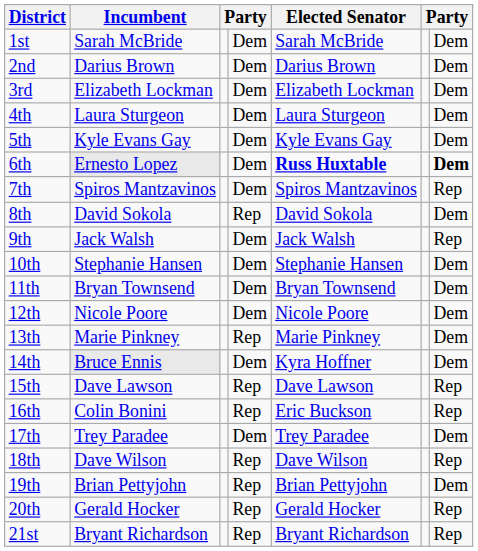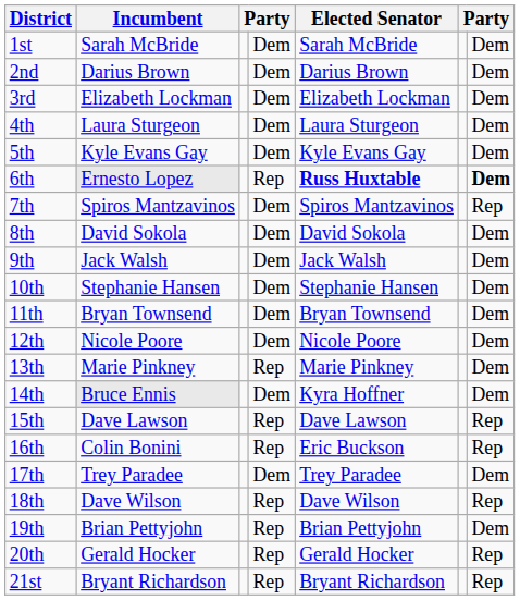 <table class="sortable wikitable" style="font-size:95%;line-height:14px;">
 <tr>
 <th class="unsortable"><a href='#'>District</a></th>
 <th class="unsortable"><a href='#'>Incumbent</a></th>
 <th colspan="2">Party</th>
 <th class="unsortable">Elected Senator</th>
 <th colspan="2">Party</th>
 </tr>
 <tr>
 <td><a href='#'>1st</a></td>
 <td><a href='#'>Sarah McBride</a></td>
 <td style="background:"></td>
 <td>Dem</td>
 <td><a href='#'>Sarah McBride</a></td>
 <td style="background:"></td>
 <td>Dem</td>
 </tr>
 <tr>
 <td><a href='#'>2nd</a></td>
 <td><a href='#'>Darius Brown</a></td>
 <td style="background:"></td>
 <td>Dem</td>
 <td><a href='#'>Darius Brown</a></td>
 <td style="background:"></td>
 <td>Dem</td>
 </tr>
 <tr>
 <td><a href='#'>3rd</a></td>
 <td><a href='#'>Elizabeth Lockman</a></td>
 <td style="background:"></td>
 <td>Dem</td>
 <td><a href='#'>Elizabeth Lockman</a></td>
 <td style="background:"></td>
 <td>Dem</td>
 </tr>
 <tr>
 <td><a href='#'>4th</a></td>
 <td><a href='#'>Laura Sturgeon</a></td>
 <td style="background:"></td>
 <td>Dem</td>
 <td><a href='#'>Laura Sturgeon</a></td>
 <td style="background:"></td>
 <td>Dem</td>
 </tr>
 <tr>
 <td><a href='#'>5th</a></td>
 <td><a href='#'>Kyle Evans Gay</a></td>
 <td style="background:"></td>
 <td>Dem</td>
 <td><a href='#'>Kyle Evans Gay</a></td>
 <td style="background:"></td>
 <td>Dem</td>
 </tr>
 <tr>
 <td><a href='#'>6th</a></td>
 <td style="background:#E9E9E9;"><a href='#'>Ernesto Lopez</a></td>
 <td style="background:"></td>
-<td>Dem</td>
+<td>Rep</td>
 <td><strong><a href='#'>Russ Huxtable</a></strong></td>
 <td style="background:"></td>
 <td><strong>Dem</strong></td>
 </tr>
 <tr>
 <td><a href='#'>7th</a></td>
 <td><a href='#'>Spiros Mantzavinos</a></td>
 <td style="background:"></td>
 <td>Dem</td>
 <td><a href='#'>Spiros Mantzavinos</a></td>
 <td style="background:"></td>
 <td>Rep</td>
 </tr>
 <tr>
 <td><a href='#'>8th</a></td>
 <td><a href='#'>David Sokola</a></td>
 <td style="background:"></td>
-<td>Rep</td>
+<td>Dem</td>
 <td><a href='#'>David Sokola</a></td>
 <td style="background:"></td>
 <td>Dem</td>
 </tr>
 <tr>
 <td><a href='#'>9th</a></td>
 <td><a href='#'>Jack Walsh</a></td>
 <td style="background:"></td>
 <td>Dem</td>
 <td><a href='#'>Jack Walsh</a></td>
 <td style="background:"></td>
-<td>Rep</td>
+<td>Dem</td>
 </tr>
 <tr>
 <td><a href='#'>10th</a></td>
 <td><a href='#'>Stephanie Hansen</a></td>
 <td style="background:"></td>
 <td>Dem</td>
 <td><a href='#'>Stephanie Hansen</a></td>
 <td style="background:"></td>
 <td>Dem</td>
 </tr>
 <tr>
 <td><a href='#'>11th</a></td>
 <td><a href='#'>Bryan Townsend</a></td>
 <td style="background:"></td>
 <td>Dem</td>
 <td><a href='#'>Bryan Townsend</a></td>
 <td style="background:"></td>
 <td>Dem</td>
 </tr>
 <tr>
 <td><a href='#'>12th</a></td>
 <td><a href='#'>Nicole Poore</a></td>
 <td style="background:"></td>
 <td>Dem</td>
 <td><a href='#'>Nicole Poore</a></td>
 <td style="background:"></td>
 <td>Dem</td>
 </tr>
 <tr>
 <td><a href='#'>13th</a></td>
 <td><a href='#'>Marie Pinkney</a></td>
 <td style="background:"></td>
 <td>Rep</td>
 <td><a href='#'>Marie Pinkney</a></td>
 <td style="background:"></td>
 <td>Dem</td>
 </tr>
 <tr>
 <td><a href='#'>14th</a></td>
 <td style="background:#E9E9E9;"><a href='#'>Bruce Ennis</a></td>
 <td style="background:"></td>
 <td>Dem</td>
 <td><a href='#'>Kyra Hoffner</a></td>
 <td style="background:"></td>
 <td>Dem</td>
 </tr>
 <tr>
 <td><a href='#'>15th</a></td>
 <td><a href='#'>Dave Lawson</a></td>
 <td style="background:"></td>
 <td>Rep</td>
 <td><a href='#'>Dave Lawson</a></td>
 <td style="background:"></td>
 <td>Rep</td>
 </tr>
 <tr>
 <td><a href='#'>16th</a></td>
 <td><a href='#'>Colin Bonini</a></td>
 <td style="background:"></td>
 <td>Rep</td>
 <td><a href='#'>Eric Buckson</a></td>
 <td style="background:"></td>
 <td>Rep</td>
 </tr>
 <tr>
 <td><a href='#'>17th</a></td>
 <td><a href='#'>Trey Paradee</a></td>
 <td style="background:"></td>
 <td>Dem</td>
 <td><a href='#'>Trey Paradee</a></td>
 <td style="background:"></td>
 <td>Dem</td>
 </tr>
 <tr>
 <td><a href='#'>18th</a></td>
 <td><a href='#'>Dave Wilson</a></td>
 <td style="background:"></td>
 <td>Rep</td>
 <td><a href='#'>Dave Wilson</a></td>
 <td style="background:"></td>
 <td>Rep</td>
 </tr>
 <tr>
 <td><a href='#'>19th</a></td>
 <td><a href='#'>Brian Pettyjohn</a></td>
 <td style="background:"></td>
 <td>Rep</td>
 <td><a href='#'>Brian Pettyjohn</a></td>
 <td style="background:"></td>
 <td>Dem</td>
 </tr>
 <tr>
 <td><a href='#'>20th</a></td>
 <td><a href='#'>Gerald Hocker</a></td>
 <td style="background:"></td>
 <td>Rep</td>
 <td><a href='#'>Gerald Hocker</a></td>
 <td style="background:"></td>
 <td>Rep</td>
 </tr>
 <tr>
 <td><a href='#'>21st</a></td>
 <td><a href='#'>Bryant Richardson</a></td>
 <td style="background:"></td>
 <td>Rep</td>
 <td><a href='#'>Bryant Richardson</a></td>
 <td style="background:"></td>
 <td>Rep</td>
 </tr>
 </table>
